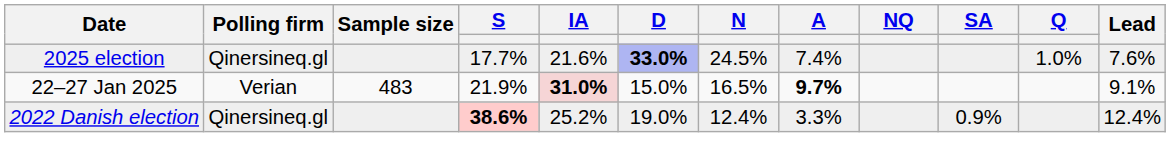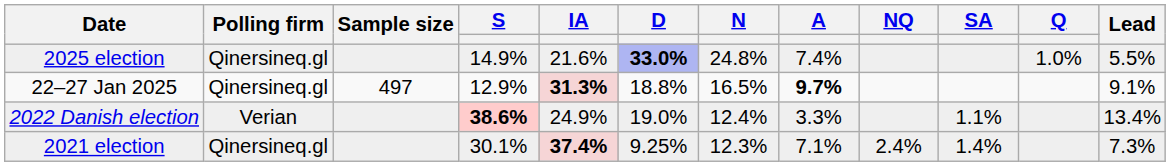 <table class="wikitable sortable mw-datatable" style="text-align:center;font-size:90%;line-height:14px;">
 <tr>
 <th rowspan="2">Date</th>
 <th rowspan="2">Polling firm</th>
 <th rowspan="2">Sample size</th>
 <th class="unsortable" style="width:50px;"><a href='#'>S</a></th>
 <th class="unsortable" style="width:50px;"><a href='#'>IA</a></th>
 <th class="unsortable" style="width:50px;"><a href='#'>D</a></th>
 <th class="unsortable" style="width:50px;"><a href='#'>N</a></th>
 <th class="unsortable" style="width:50px;"><a href='#'>A</a></th>
 <th class="unsortable" style="width:50px;"><a href='#'>NQ</a></th>
 <th class="unsortable" style="width:50px;"><a href='#'>SA</a></th>
 <th class="unsortable" style="width:50px;"><a href='#'>Q</a></th>
 <th rowspan="2">Lead</th>
 </tr>
 <tr>
 <th data-sort-type="number" style="background:"></th>
 <th data-sort-type="number" style="background:"></th>
 <th data-sort-type="number" style="background:"></th>
 <th data-sort-type="number" style="background:"></th>
 <th data-sort-type="number" style="background:"></th>
 <th data-sort-type="number" style="background:"></th>
 <th data-sort-type="number" style="background:"></th>
 <th data-sort-type="number" style="background:"></th>
 </tr>
 <tr style="background:#EFEFEF;">
 <td><a href='#'>2025 election</a></td>
 <td>Qinersineq.gl</td>
 <td></td>
-<td>17.7%</td>
+<td>14.9%</td>
 <td>21.6%</td>
 <td style="background:#aeb5f2;"><strong>33.0%</strong></td>
-<td>24.5%</td>
+<td>24.8%</td>
 <td>7.4%</td>
 <td></td>
 <td></td>
 <td>1.0%</td>
-<td style="background:">7.6%</td>
+<td style="background:">5.5%</td>
 </tr>
 <tr>
 <td>22–27 Jan 2025</td>
-<td>Verian</td>
-<td>483</td>
-<td>21.9%</td>
-<td style="background:#F6D5D6;"><strong>31.0%</strong></td>
-<td>15.0%</td>
+<td>Qinersineq.gl</td>
+<td>497</td>
+<td>12.9%</td>
+<td style="background:#F6D5D6;"><strong>31.3%</strong></td>
+<td>18.8%</td>
 <td>16.5%</td>
 <td><strong>9.7%</strong></td>
 <td></td>
 <td></td>
 <td></td>
 <td style="background:">9.1%</td>
 </tr>
 <tr style="background:#EFEFEF;">
 <td><em><a href='#'>2022 Danish election</a></em></td>
-<td>Qinersineq.gl</td>
+<td>Verian</td>
 <td></td>
 <td style="background:#FFCCCC;"><strong>38.6%</strong></td>
-<td>25.2%</td>
+<td>24.9%</td>
 <td>19.0%</td>
 <td>12.4%</td>
 <td>3.3%</td>
 <td></td>
-<td>0.9%</td>
+<td>1.1%</td>
 <td></td>
-<td style="background:">12.4%</td>
+<td style="background:">13.4%</td>
+</tr>
+<tr style="background:#EFEFEF;">
+<td><a href='#'>2021 election</a></td>
+<td>Qinersineq.gl</td>
+<td></td>
+<td>30.1%</td>
+<td style="background:#F6D5D6;"><strong>37.4%</strong></td>
+<td>9.25%</td>
+<td>12.3%</td>
+<td>7.1%</td>
+<td>2.4%</td>
+<td>1.4%</td>
+<td></td>
+<td style="background:">7.3%</td>
 </tr>
 </table>
